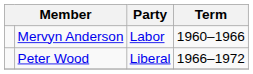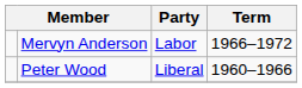 <table class="wikitable">
 <tr>
 <th colspan="2">Member</th>
 <th>Party</th>
 <th>Term</th>
 </tr>
 <tr>
 <td> </td>
 <td><a href='#'>Mervyn Anderson</a></td>
 <td><a href='#'>Labor</a></td>
-<td>1960–1966</td>
+<td>1966–1972</td>
 </tr>
 <tr>
 <td> </td>
 <td><a href='#'>Peter Wood</a></td>
 <td><a href='#'>Liberal</a></td>
-<td>1966–1972</td>
+<td>1960–1966</td>
 </tr>
 <tr>
 </tr>
 </table>
